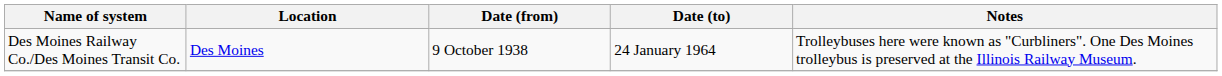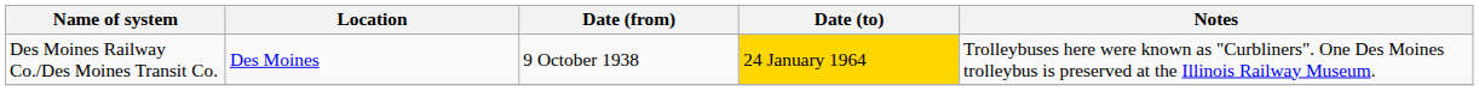 <table class="wikitable" width=100%>
 <tr>
 <th width=15%>Name of system</th>
 <th width=20%>Location</th>
 <th width=15%>Date (from)</th>
 <th width=15%>Date (to)</th>
 <th width=35%>Notes</th>
 </tr>
 <tr>
 <td>Des Moines Railway Co./Des Moines Transit Co.</td>
 <td><a href='#'>Des Moines</a></td>
 <td>9 October 1938</td>
-<td>24 January 1964</td>
+<td style="background: gold;">24 January 1964</td>
 <td>Trolleybuses here were known as "Curbliners". One Des Moines trolleybus is preserved at the <a href='#'>Illinois Railway Museum</a>.</td>
 </tr>
 <tr>
 </tr>
 </table>
